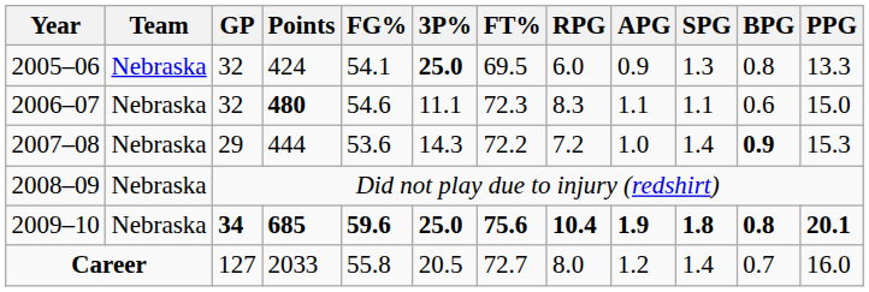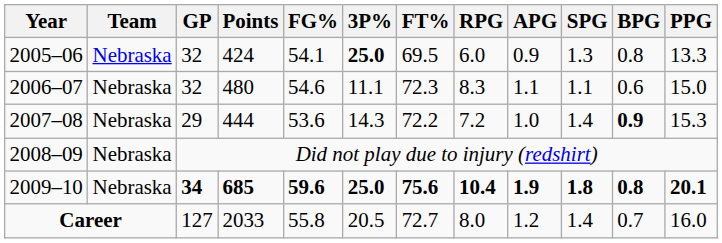 <table class="wikitable sortable">
 <tr>
 <th>Year</th>
 <th>Team</th>
 <th>GP</th>
 <th>Points</th>
 <th>FG%</th>
 <th>3P%</th>
 <th>FT%</th>
 <th>RPG</th>
 <th>APG</th>
 <th>SPG</th>
 <th>BPG</th>
 <th>PPG</th>
 </tr>
 <tr>
 <td>2005–06</td>
 <td><a href='#'>Nebraska</a></td>
 <td>32</td>
 <td>424</td>
 <td>54.1</td>
 <td><strong>25.0</strong></td>
 <td>69.5</td>
 <td>6.0</td>
 <td>0.9</td>
 <td>1.3</td>
 <td>0.8</td>
 <td>13.3</td>
 </tr>
 <tr>
 <td>2006–07</td>
 <td>Nebraska</td>
 <td>32</td>
-<td><strong>480</strong></td>
+<td>480</td>
 <td>54.6</td>
 <td>11.1</td>
 <td>72.3</td>
 <td>8.3</td>
 <td>1.1</td>
 <td>1.1</td>
 <td>0.6</td>
 <td>15.0</td>
 </tr>
 <tr>
 <td>2007–08</td>
 <td>Nebraska</td>
 <td>29</td>
 <td>444</td>
 <td>53.6</td>
 <td>14.3</td>
 <td>72.2</td>
 <td>7.2</td>
 <td>1.0</td>
 <td>1.4</td>
 <td><strong>0.9</strong></td>
 <td>15.3</td>
 </tr>
 <tr class="sortbottom">
 <td>2008–09</td>
 <td>Nebraska</td>
 <td colspan="10" align=center><em>Did not play due to injury (<a href='#'>redshirt</a>)</em></td>
 </tr>
 <tr>
 <td>2009–10</td>
 <td>Nebraska</td>
 <td><strong>34</strong></td>
 <td><strong>685</strong></td>
 <td><strong>59.6</strong></td>
 <td><strong>25.0</strong></td>
 <td><strong>75.6</strong></td>
 <td><strong>10.4</strong></td>
 <td><strong>1.9</strong></td>
 <td><strong>1.8</strong></td>
 <td><strong>0.8</strong></td>
 <td><strong>20.1</strong></td>
 </tr>
 <tr class="sortbottom">
 <td colspan=2 align=center><strong>Career</strong></td>
 <td>127</td>
 <td>2033</td>
 <td>55.8</td>
 <td>20.5</td>
 <td>72.7</td>
 <td>8.0</td>
 <td>1.2</td>
 <td>1.4</td>
 <td>0.7</td>
 <td>16.0</td>
 </tr>
 </table>
